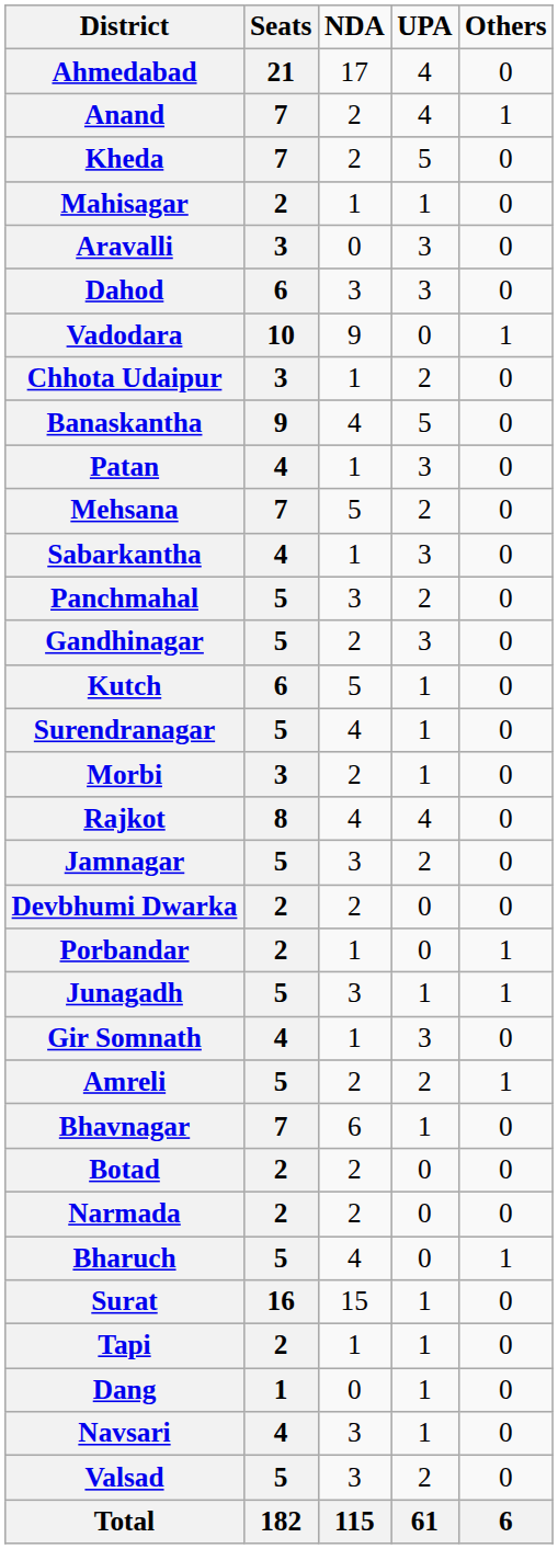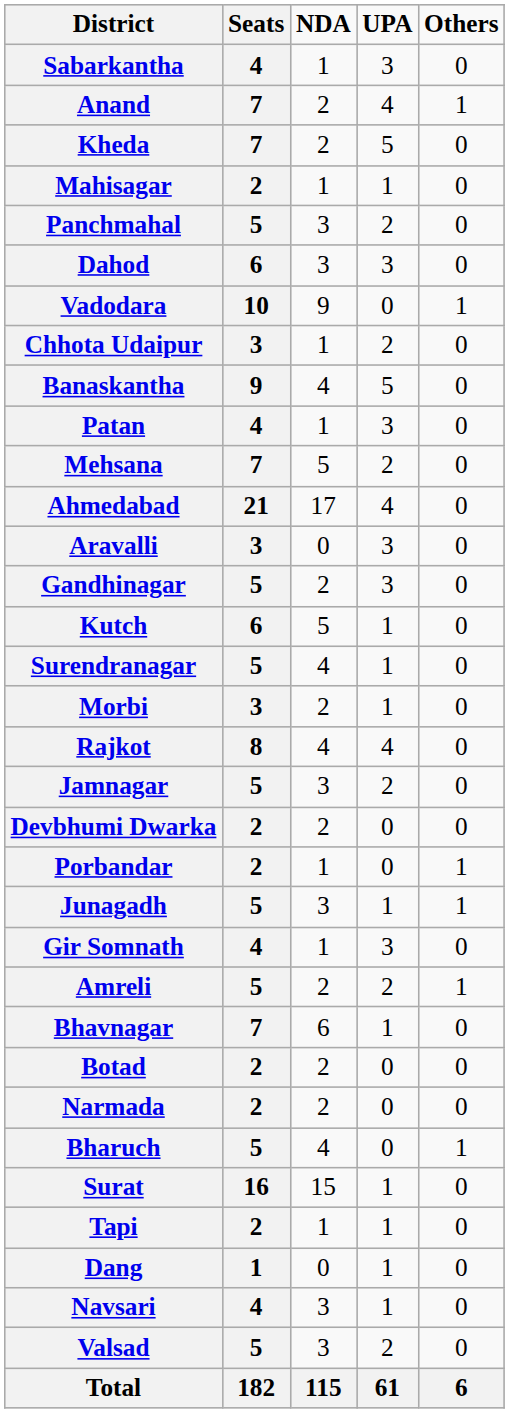 <table class="wikitable sortable" style="text-align:center;">
 <tr>
 <th>District</th>
 <th>Seats</th>
 <td><span><strong>NDA</strong></span></td>
 <td><span><strong>UPA</strong></span></td>
 <td><span><strong>Others</strong></span></td>
 </tr>
 <tr>
-<th><a href='#'>Ahmedabad</a></th>
-<th>21</th>
-<td style="background:">17</td>
-<td>4</td>
+<th><a href='#'>Sabarkantha</a></th>
+<th>4</th>
+<td>1</td>
+<td style="background:">3</td>
 <td>0</td>
 </tr>
 <tr>
 <th><a href='#'>Anand</a></th>
 <th>7</th>
 <td>2</td>
 <td style="background:">4</td>
 <td>1</td>
 </tr>
 <tr>
 <th><a href='#'>Kheda</a></th>
 <th>7</th>
 <td>2</td>
 <td style="background:">5</td>
 <td>0</td>
 </tr>
 <tr>
 <th><a href='#'>Mahisagar</a></th>
 <th>2</th>
 <td>1</td>
 <td>1</td>
 <td>0</td>
 </tr>
 <tr>
-<th><a href='#'>Aravalli</a></th>
-<th>3</th>
-<td>0</td>
+<th><a href='#'>Panchmahal</a></th>
+<th>5</th>
 <td style="background:">3</td>
+<td>2</td>
 <td>0</td>
 </tr>
 <tr>
 <th><a href='#'>Dahod</a></th>
 <th>6</th>
 <td>3</td>
 <td>3</td>
 <td>0</td>
 </tr>
 <tr>
 <th><a href='#'>Vadodara</a></th>
 <th>10</th>
 <td style="background:">9</td>
 <td>0</td>
 <td>1</td>
 </tr>
 <tr>
 <th><a href='#'>Chhota Udaipur</a></th>
 <th>3</th>
 <td>1</td>
 <td style="background:">2</td>
 <td>0</td>
 </tr>
 <tr>
 <th><a href='#'>Banaskantha</a></th>
 <th>9</th>
 <td>4</td>
 <td style="background:">5</td>
 <td>0</td>
 </tr>
 <tr>
 <th><a href='#'>Patan</a></th>
 <th>4</th>
 <td>1</td>
 <td style="background:">3</td>
 <td>0</td>
 </tr>
 <tr>
 <th><a href='#'>Mehsana</a></th>
 <th>7</th>
 <td style="background:">5</td>
 <td>2</td>
 <td>0</td>
 </tr>
 <tr>
-<th><a href='#'>Sabarkantha</a></th>
-<th>4</th>
-<td>1</td>
-<td style="background:">3</td>
+<th><a href='#'>Ahmedabad</a></th>
+<th>21</th>
+<td style="background:">17</td>
+<td>4</td>
 <td>0</td>
 </tr>
 <tr>
-<th><a href='#'>Panchmahal</a></th>
-<th>5</th>
+<th><a href='#'>Aravalli</a></th>
+<th>3</th>
+<td>0</td>
 <td style="background:">3</td>
-<td>2</td>
 <td>0</td>
 </tr>
 <tr>
 <th><a href='#'>Gandhinagar</a></th>
 <th>5</th>
 <td>2</td>
 <td style="background:">3</td>
 <td>0</td>
 </tr>
 <tr>
 <th><a href='#'>Kutch</a></th>
 <th>6</th>
 <td style="background:">5</td>
 <td>1</td>
 <td>0</td>
 </tr>
 <tr>
 <th><a href='#'>Surendranagar</a></th>
 <th>5</th>
 <td style="background:">4</td>
 <td>1</td>
 <td>0</td>
 </tr>
 <tr>
 <th><a href='#'>Morbi</a></th>
 <th>3</th>
 <td style="background:">2</td>
 <td>1</td>
 <td>0</td>
 </tr>
 <tr>
 <th><a href='#'>Rajkot</a></th>
 <th>8</th>
 <td>4</td>
 <td>4</td>
 <td>0</td>
 </tr>
 <tr>
 <th><a href='#'>Jamnagar</a></th>
 <th>5</th>
 <td style="background:">3</td>
 <td>2</td>
 <td>0</td>
 </tr>
 <tr>
 <th><a href='#'>Devbhumi Dwarka</a></th>
 <th>2</th>
 <td style="background:">2</td>
 <td>0</td>
 <td>0</td>
 </tr>
 <tr>
 <th><a href='#'>Porbandar</a></th>
 <th>2</th>
 <td>1</td>
 <td>0</td>
 <td>1</td>
 </tr>
 <tr>
 <th><a href='#'>Junagadh</a></th>
 <th>5</th>
 <td style="background:">3</td>
 <td>1</td>
 <td>1</td>
 </tr>
 <tr>
 <th><a href='#'>Gir Somnath</a></th>
 <th>4</th>
 <td>1</td>
 <td style="background:">3</td>
 <td>0</td>
 </tr>
 <tr>
 <th><a href='#'>Amreli</a></th>
 <th>5</th>
 <td>2</td>
 <td>2</td>
 <td>1</td>
 </tr>
 <tr>
 <th><a href='#'>Bhavnagar</a></th>
 <th>7</th>
 <td style="background:">6</td>
 <td>1</td>
 <td>0</td>
 </tr>
 <tr>
 <th><a href='#'>Botad</a></th>
 <th>2</th>
 <td style="background:">2</td>
 <td>0</td>
 <td>0</td>
 </tr>
 <tr>
 <th><a href='#'>Narmada</a></th>
 <th>2</th>
 <td style="background:">2</td>
 <td>0</td>
 <td>0</td>
 </tr>
 <tr>
 <th><a href='#'>Bharuch</a></th>
 <th>5</th>
 <td style="background:">4</td>
 <td>0</td>
 <td>1</td>
 </tr>
 <tr>
 <th><a href='#'>Surat</a></th>
 <th>16</th>
 <td style="background:">15</td>
 <td>1</td>
 <td>0</td>
 </tr>
 <tr>
 <th><a href='#'>Tapi</a></th>
 <th>2</th>
 <td>1</td>
 <td>1</td>
 <td>0</td>
 </tr>
 <tr>
 <th><a href='#'>Dang</a></th>
 <th>1</th>
 <td>0</td>
 <td style="background:">1</td>
 <td>0</td>
 </tr>
 <tr>
 <th><a href='#'>Navsari</a></th>
 <th>4</th>
 <td style="background:">3</td>
 <td>1</td>
 <td>0</td>
 </tr>
 <tr>
 <th><a href='#'>Valsad</a></th>
 <th>5</th>
 <td style="background:">3</td>
 <td>2</td>
 <td>0</td>
 </tr>
 <tr>
 <th>Total</th>
 <th>182</th>
 <th>115</th>
 <th>61</th>
 <th>6</th>
 </tr>
 </table>
